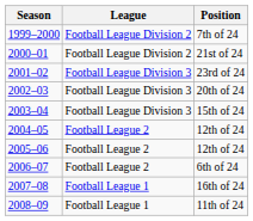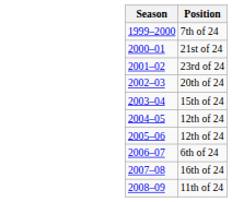 <table class="wikitable" style="float:right; font-size: 90%; text-align: left;">
 <tr>
 <th>Season</th>
-<th>League</th>
 <th>Position</th>
 </tr>
 <tr>
 <td><a href='#'>1999–2000</a></td>
-<td><a href='#'>Football League Division 2</a></td>
 <td>7th of 24</td>
 </tr>
 <tr>
 <td><a href='#'>2000–01</a></td>
-<td>Football League Division 2</td>
 <td>21st of 24</td>
 </tr>
 <tr>
 <td><a href='#'>2001–02</a></td>
-<td><a href='#'>Football League Division 3</a></td>
 <td>23rd of 24</td>
 </tr>
 <tr>
 <td><a href='#'>2002–03</a></td>
-<td>Football League Division 3</td>
 <td>20th of 24</td>
 </tr>
 <tr>
 <td><a href='#'>2003–04</a></td>
-<td>Football League Division 3</td>
 <td>15th of 24</td>
 </tr>
 <tr>
 <td><a href='#'>2004–05</a></td>
-<td><a href='#'>Football League 2</a></td>
 <td>12th of 24</td>
 </tr>
 <tr>
 <td><a href='#'>2005–06</a></td>
-<td>Football League 2</td>
 <td>12th of 24</td>
 </tr>
 <tr>
 <td><a href='#'>2006–07</a></td>
-<td>Football League 2</td>
 <td>6th of 24</td>
 </tr>
 <tr>
 <td><a href='#'>2007–08</a></td>
-<td><a href='#'>Football League 1</a></td>
 <td>16th of 24</td>
 </tr>
 <tr>
 <td><a href='#'>2008–09</a></td>
-<td>Football League 1</td>
 <td>11th of 24</td>
 </tr>
 </table>
